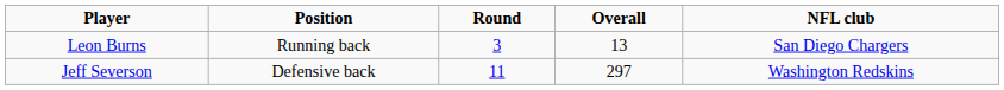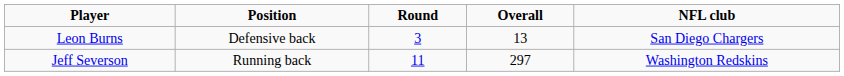 <table class="wikitable" style="width:60%;">
 <tr align="center">
 <td><strong>Player</strong></td>
 <td><strong>Position</strong></td>
 <td><strong>Round</strong></td>
 <td><strong>Overall</strong></td>
 <td><strong>NFL club</strong><br></td>
 </tr>
 <tr align="center" bgcolor="">
 <td><a href='#'>Leon Burns</a></td>
-<td>Running back</td>
+<td>Defensive back</td>
 <td><a href='#'>3</a></td>
 <td>13</td>
 <td><a href='#'>San Diego Chargers</a></td>
 </tr>
 <tr align="center" bgcolor="">
 <td><a href='#'>Jeff Severson</a></td>
-<td>Defensive back</td>
+<td>Running back</td>
 <td><a href='#'>11</a></td>
 <td>297</td>
 <td><a href='#'>Washington Redskins</a></td>
 </tr>
 </table>
